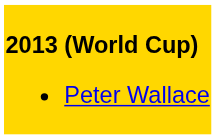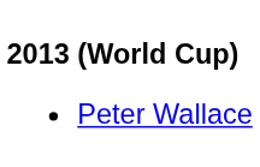 <table class="toccolours" style="border-collapse: collapse;">
 <tr>
 <td colspan=7 align="right"></td>
 </tr>
 <tr>
-<td valign="top" style="background: gold;"><br><strong>2013 (World Cup)</strong><ul><li><a href='#'>Peter Wallace</a></li></ul></td>
+<td valign="top"><br><strong>2013 (World Cup)</strong><ul><li><a href='#'>Peter Wallace</a></li></ul></td>
 <td width="35"> </td>
 <td valign="top"></td>
 </tr>
 </table>
